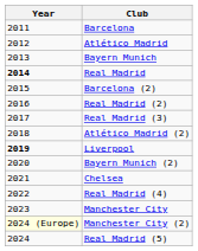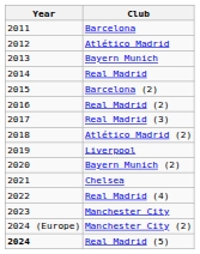 <table class="wikitable">
 <tr>
 <th>Year</th>
 <th>Club</th>
 </tr>
 <tr>
 <td>2011</td>
 <td> <a href='#'>Barcelona</a></td>
 </tr>
 <tr>
 <td>2012</td>
 <td> <a href='#'>Atlético Madrid</a></td>
 </tr>
 <tr>
 <td>2013</td>
 <td> <a href='#'>Bayern Munich</a></td>
 </tr>
 <tr>
-<td><strong>2014</strong></td>
+<td>2014</td>
 <td> <a href='#'>Real Madrid</a></td>
 </tr>
 <tr>
 <td>2015</td>
 <td> <a href='#'>Barcelona</a> (2)</td>
 </tr>
 <tr>
 <td>2016</td>
 <td> <a href='#'>Real Madrid</a> (2)</td>
 </tr>
 <tr>
 <td>2017</td>
 <td> <a href='#'>Real Madrid</a> (3)</td>
 </tr>
 <tr>
 <td>2018</td>
 <td> <a href='#'>Atlético Madrid</a> (2)</td>
 </tr>
 <tr>
-<td><strong>2019</strong></td>
+<td>2019</td>
 <td> <a href='#'>Liverpool</a></td>
 </tr>
 <tr>
 <td>2020</td>
 <td> <a href='#'>Bayern Munich</a> (2)</td>
 </tr>
 <tr>
 <td>2021</td>
 <td> <a href='#'>Chelsea</a></td>
 </tr>
 <tr>
 <td>2022</td>
 <td> <a href='#'>Real Madrid</a> (4)</td>
 </tr>
 <tr>
 <td>2023</td>
 <td> <a href='#'>Manchester City</a></td>
 </tr>
 <tr>
-<td style="background: lightyellow;">2024 (Europe)</td>
+<td>2024 (Europe)</td>
 <td> <a href='#'>Manchester City</a> (2)</td>
 </tr>
 <tr>
-<td>2024</td>
+<td><strong>2024</strong></td>
 <td> <a href='#'>Real Madrid</a> (5)</td>
 </tr>
 </table>
